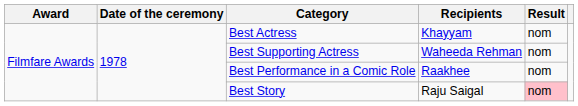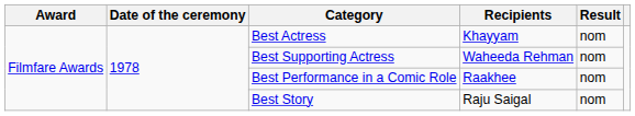 <table class="wikitable plainrowheaders sortable">
 <tr>
 <th scope="col">Award</th>
 <th scope="col">Date of the ceremony</th>
 <th scope="col">Category</th>
 <th scope="col">Recipients</th>
 <th scope="col">Result</th>
 <th scope="col" class="unsortable"></th>
 </tr>
 <tr>
 <td rowspan="4"><a href='#'>Filmfare Awards</a></td>
 <td rowspan="4"><a href='#'>1978</a></td>
 <td><a href='#'>Best Actress</a></td>
 <td><a href='#'>Khayyam</a></td>
 <td>nom</td>
 <td rowspan="4"></td>
 </tr>
 <tr>
 <td><a href='#'>Best Supporting Actress</a></td>
 <td><a href='#'>Waheeda Rehman</a></td>
 <td>nom</td>
 </tr>
 <tr>
 <td><a href='#'>Best Performance in a Comic Role</a></td>
 <td><a href='#'>Raakhee</a></td>
 <td>nom</td>
 </tr>
 <tr>
 <td><a href='#'>Best Story</a></td>
 <td>Raju Saigal</td>
-<td style="background: pink;">nom</td>
+<td>nom</td>
 </tr>
 </table>
